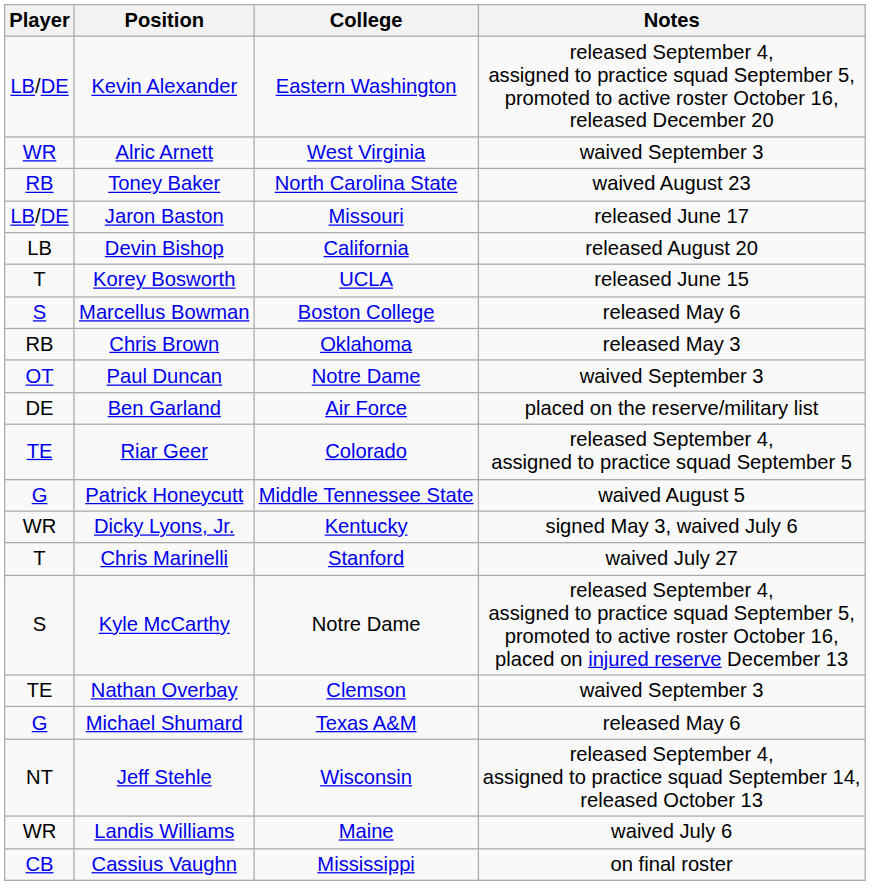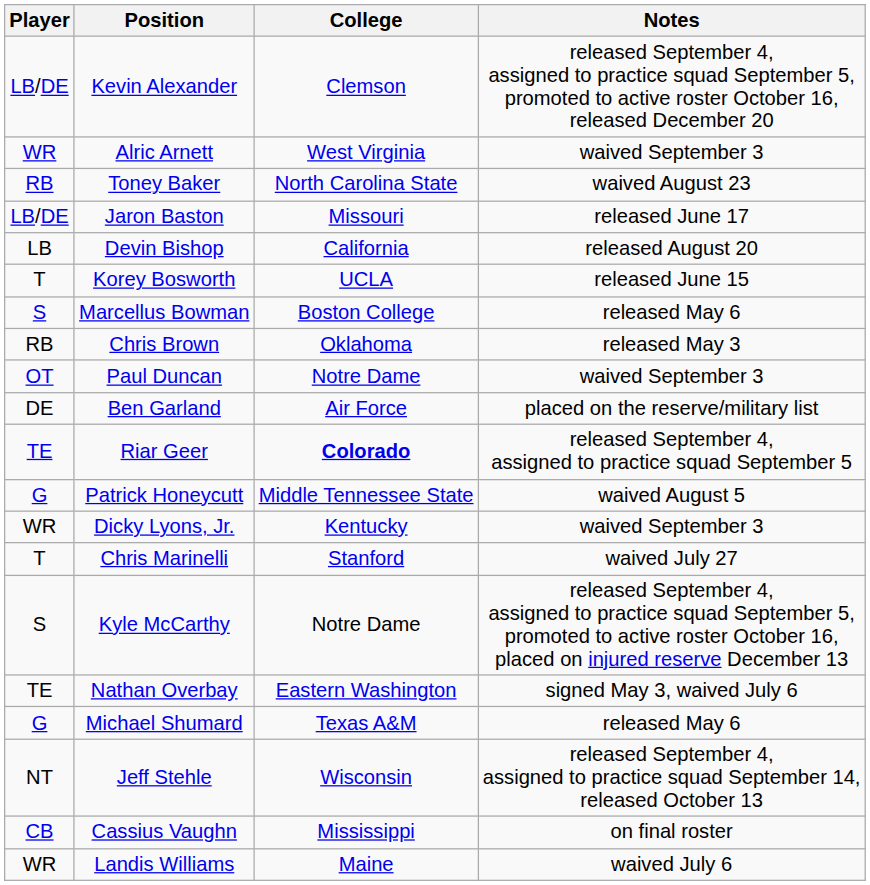 <table class="wikitable" style="text-align:center">
 <tr>
 <th>Player</th>
 <th>Position</th>
 <th>College</th>
 <th>Notes</th>
 </tr>
 <tr>
 <td><a href='#'>LB</a>/<a href='#'>DE</a></td>
 <td><a href='#'>Kevin Alexander</a></td>
-<td><a href='#'>Eastern Washington</a></td>
+<td><a href='#'>Clemson</a></td>
 <td>released September 4,<br>assigned to practice squad September 5,<br>promoted to active roster October 16,<br>released December 20</td>
 </tr>
 <tr>
 <td><a href='#'>WR</a></td>
 <td><a href='#'>Alric Arnett</a></td>
 <td><a href='#'>West Virginia</a></td>
 <td>waived September 3</td>
 </tr>
 <tr>
 <td><a href='#'>RB</a></td>
 <td><a href='#'>Toney Baker</a></td>
 <td><a href='#'>North Carolina State</a></td>
 <td>waived August 23</td>
 </tr>
 <tr>
 <td><a href='#'>LB</a>/<a href='#'>DE</a></td>
 <td><a href='#'>Jaron Baston</a></td>
 <td><a href='#'>Missouri</a></td>
 <td>released June 17</td>
 </tr>
 <tr>
 <td>LB</td>
 <td><a href='#'>Devin Bishop</a></td>
 <td><a href='#'>California</a></td>
 <td>released August 20</td>
 </tr>
 <tr>
 <td>T</td>
 <td><a href='#'>Korey Bosworth</a></td>
 <td><a href='#'>UCLA</a></td>
 <td>released June 15</td>
 </tr>
 <tr>
 <td><a href='#'>S</a></td>
 <td><a href='#'>Marcellus Bowman</a></td>
 <td><a href='#'>Boston College</a></td>
 <td>released May 6</td>
 </tr>
 <tr>
 <td>RB</td>
 <td><a href='#'>Chris Brown</a></td>
 <td><a href='#'>Oklahoma</a></td>
 <td>released May 3</td>
 </tr>
 <tr>
 <td><a href='#'>OT</a></td>
 <td><a href='#'>Paul Duncan</a></td>
 <td><a href='#'>Notre Dame</a></td>
 <td>waived September 3</td>
 </tr>
 <tr>
 <td>DE</td>
 <td><a href='#'>Ben Garland</a></td>
 <td><a href='#'>Air Force</a></td>
 <td>placed on the reserve/military list</td>
 </tr>
 <tr>
 <td><a href='#'>TE</a></td>
 <td><a href='#'>Riar Geer</a></td>
-<td><a href='#'>Colorado</a></td>
+<td><strong><a href='#'>Colorado</a></strong></td>
 <td>released September 4,<br>assigned to practice squad September 5</td>
 </tr>
 <tr>
 <td><a href='#'>G</a></td>
 <td><a href='#'>Patrick Honeycutt</a></td>
 <td><a href='#'>Middle Tennessee State</a></td>
 <td>waived August 5</td>
 </tr>
 <tr>
 <td>WR</td>
 <td><a href='#'>Dicky Lyons, Jr.</a></td>
 <td><a href='#'>Kentucky</a></td>
-<td>signed May 3, waived July 6</td>
+<td>waived September 3</td>
 </tr>
 <tr>
 <td>T</td>
 <td><a href='#'>Chris Marinelli</a></td>
 <td><a href='#'>Stanford</a></td>
 <td>waived July 27</td>
 </tr>
 <tr>
 <td>S</td>
 <td><a href='#'>Kyle McCarthy</a></td>
 <td>Notre Dame</td>
 <td>released September 4,<br>assigned to practice squad September 5,<br>promoted to active roster October 16,<br>placed on <a href='#'>injured reserve</a> December 13</td>
 </tr>
 <tr>
 <td>TE</td>
 <td><a href='#'>Nathan Overbay</a></td>
-<td><a href='#'>Clemson</a></td>
-<td>waived September 3</td>
+<td><a href='#'>Eastern Washington</a></td>
+<td>signed May 3, waived July 6</td>
 </tr>
 <tr>
 <td><a href='#'>G</a></td>
 <td><a href='#'>Michael Shumard</a></td>
 <td><a href='#'>Texas A&M</a></td>
 <td>released May 6</td>
 </tr>
 <tr>
 <td>NT</td>
 <td><a href='#'>Jeff Stehle</a></td>
 <td><a href='#'>Wisconsin</a></td>
 <td>released September 4,<br>assigned to practice squad September 14,<br>released October 13</td>
 </tr>
 <tr>
+<td><a href='#'>CB</a></td>
+<td><a href='#'>Cassius Vaughn</a></td>
+<td><a href='#'>Mississippi</a></td>
+<td>on final roster</td>
+</tr>
+<tr>
 <td>WR</td>
 <td><a href='#'>Landis Williams</a></td>
 <td><a href='#'>Maine</a></td>
 <td>waived July 6</td>
 </tr>
-<tr>
-<td><a href='#'>CB</a></td>
-<td><a href='#'>Cassius Vaughn</a></td>
-<td><a href='#'>Mississippi</a></td>
-<td>on final roster</td>
-</tr>
 </table>
